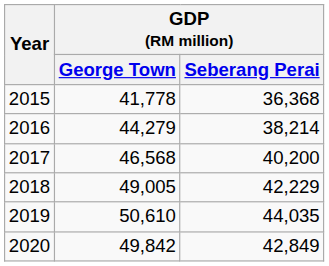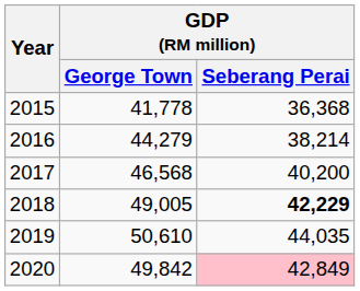 <table class="wikitable sortable mw-collapsible">
 <tr>
 <th rowspan="2">Year</th>
 <th colspan="2">GDP<br><small>(RM million)</small></th>
 </tr>
 <tr>
 <th><a href='#'>George Town</a></th>
 <th><a href='#'>Seberang Perai</a></th>
 </tr>
 <tr>
 <td>2015</td>
 <td align="right">41,778</td>
 <td align="right">36,368</td>
 </tr>
 <tr>
 <td>2016</td>
 <td align="right">44,279</td>
 <td align="right">38,214</td>
 </tr>
 <tr>
 <td>2017</td>
 <td align="right">46,568</td>
 <td align="right">40,200</td>
 </tr>
 <tr>
 <td>2018</td>
 <td align="right">49,005</td>
-<td align="right">42,229</td>
+<td align="right"><strong>42,229</strong></td>
 </tr>
 <tr>
 <td>2019</td>
 <td align="right">50,610</td>
 <td align="right">44,035</td>
 </tr>
 <tr>
 <td>2020</td>
 <td align="right">49,842</td>
-<td align="right">42,849</td>
+<td align="right" style="background: pink;">42,849</td>
 </tr>
 </table>
